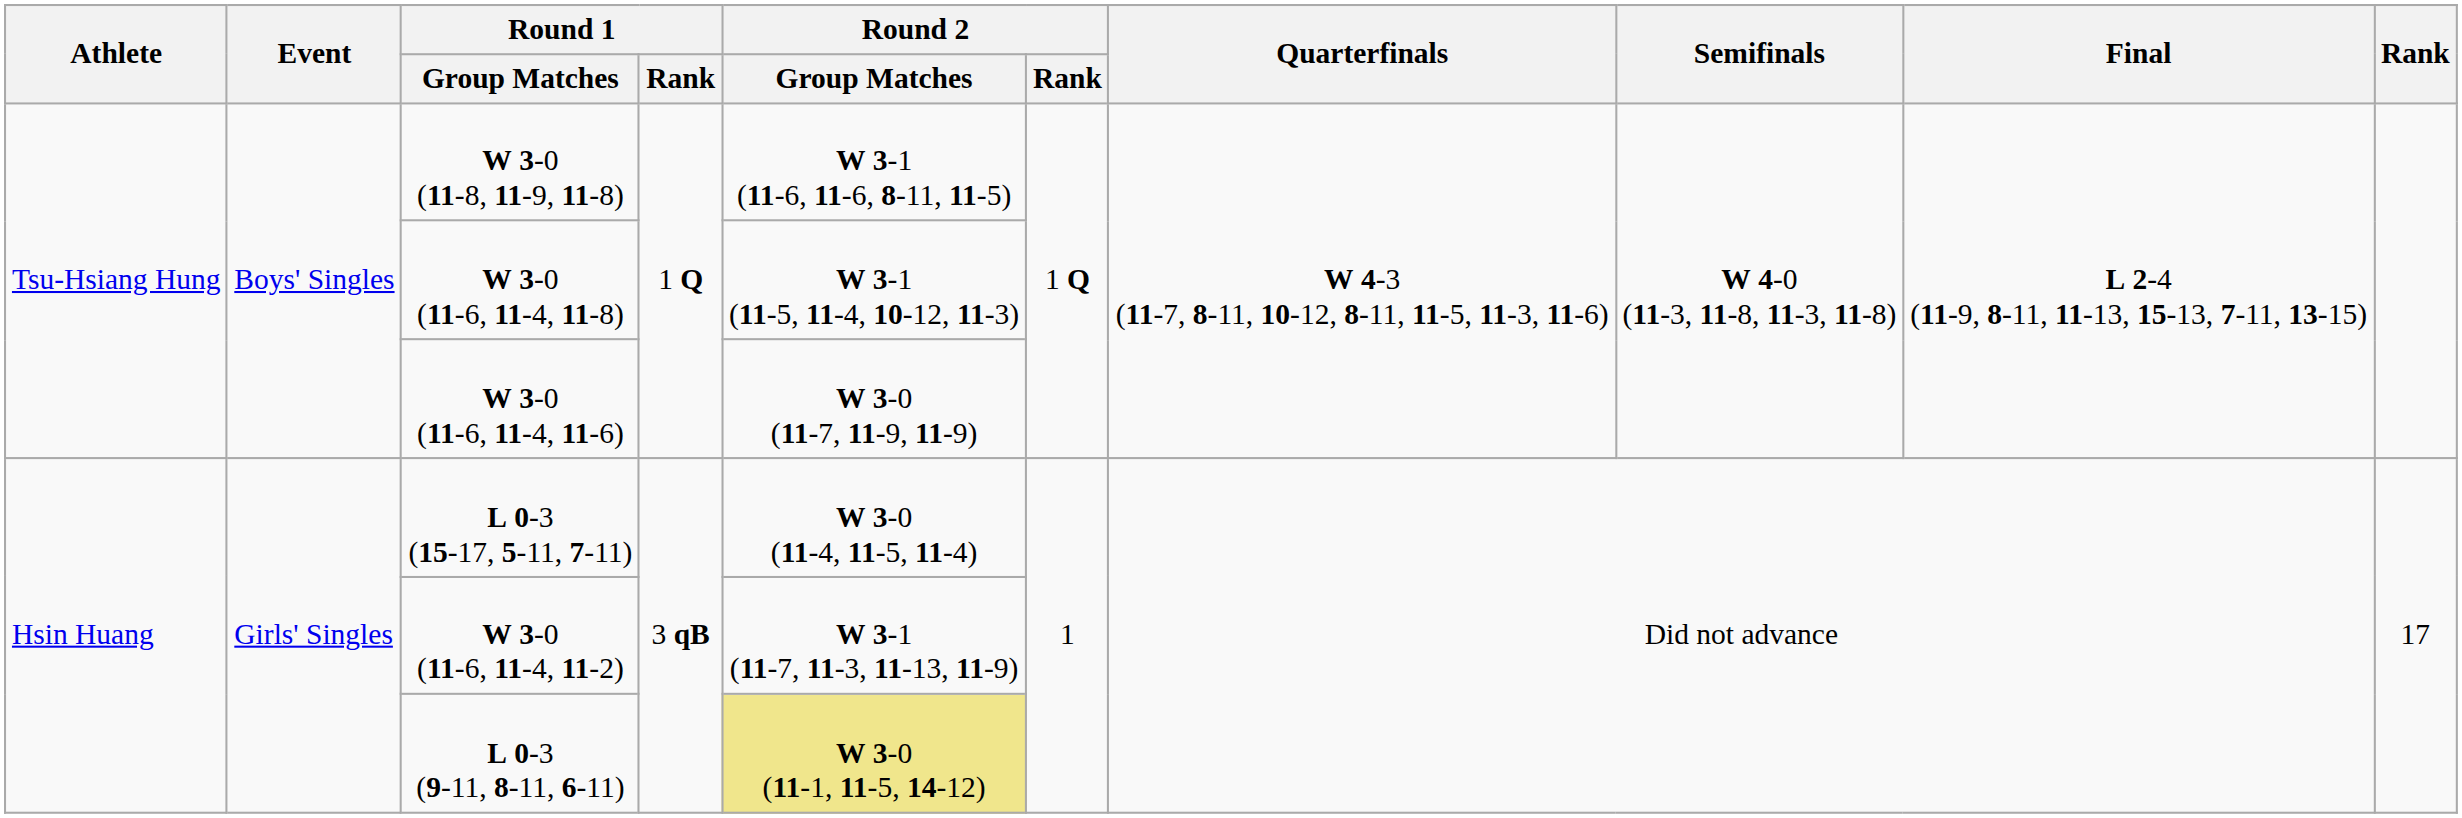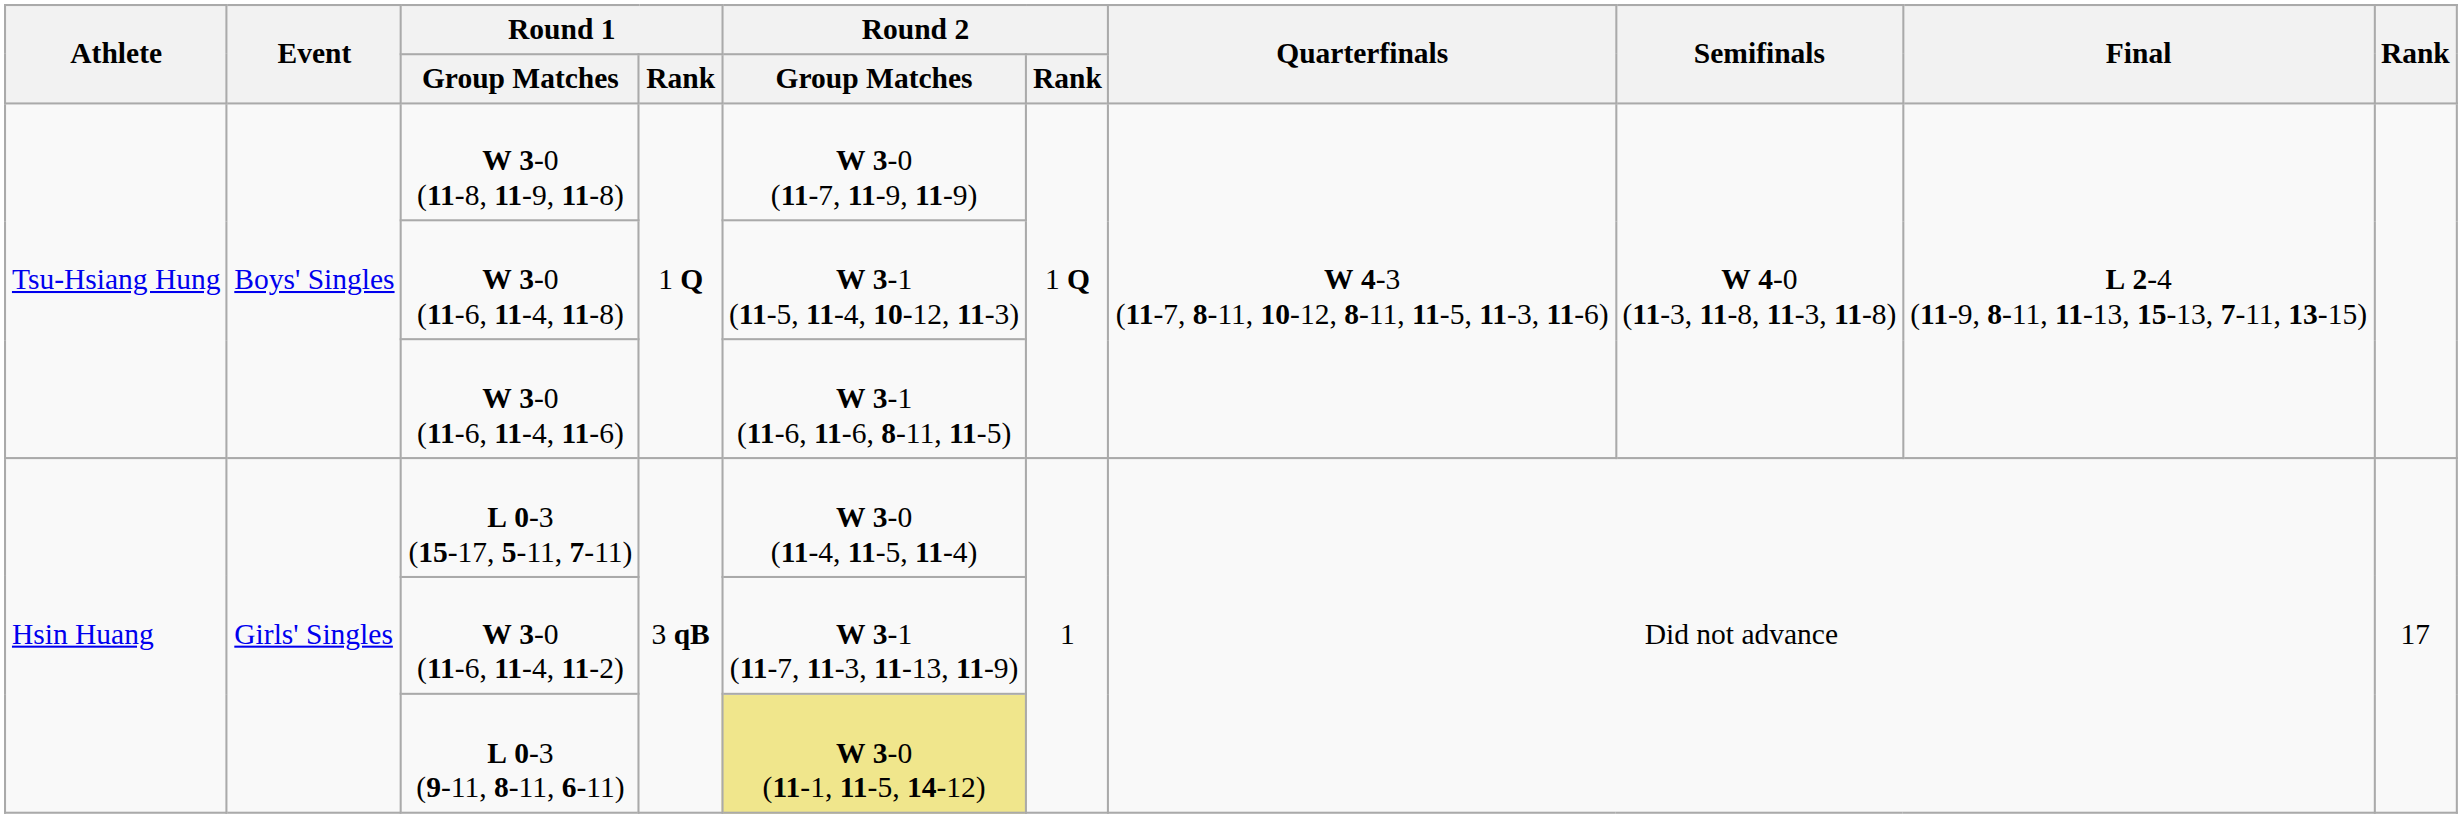 <table class="wikitable" border="1" style="font-size:90%">
 <tr>
 <th rowspan=2>Athlete</th>
 <th rowspan=2>Event</th>
 <th colspan=2>Round 1</th>
 <th colspan=2>Round 2</th>
 <th rowspan=2>Quarterfinals</th>
 <th rowspan=2>Semifinals</th>
 <th rowspan=2>Final</th>
 <th rowspan=2>Rank</th>
 </tr>
 <tr>
 <th>Group Matches</th>
 <th>Rank</th>
 <th>Group Matches</th>
 <th>Rank</th>
 </tr>
 <tr>
 <td rowspan=3><a href='#'>Tsu-Hsiang Hung</a></td>
 <td rowspan=3><a href='#'>Boys' Singles</a></td>
 <td align=center> <br> <strong>W</strong> <strong>3</strong>-0 <br> (<strong>11</strong>-8, <strong>11</strong>-9, <strong>11</strong>-8)</td>
 <td rowspan=3 align=center>1 <strong>Q</strong></td>
-<td align=center> <br> <strong>W</strong> <strong>3</strong>-1 <br> (<strong>11</strong>-6, <strong>11</strong>-6, <strong>8</strong>-11, <strong>11</strong>-5)</td>
+<td align=center> <br> <strong>W</strong> <strong>3</strong>-0 <br> (<strong>11</strong>-7, <strong>11</strong>-9, <strong>11</strong>-9)</td>
 <td rowspan=3 align=center>1 <strong>Q</strong></td>
 <td rowspan=3 align=center> <br> <strong>W</strong> <strong>4</strong>-3 <br> (<strong>11</strong>-7, <strong>8</strong>-11, <strong>10</strong>-12, <strong>8</strong>-11, <strong>11</strong>-5, <strong>11</strong>-3, <strong>11</strong>-6)</td>
 <td rowspan=3 align=center> <br> <strong>W</strong> <strong>4</strong>-0 <br> (<strong>11</strong>-3, <strong>11</strong>-8, <strong>11</strong>-3, <strong>11</strong>-8)</td>
 <td rowspan=3 align=center> <br> <strong>L</strong> <strong>2</strong>-4 <br> (<strong>11</strong>-9, <strong>8</strong>-11, <strong>11</strong>-13, <strong>15</strong>-13, <strong>7</strong>-11, <strong>13</strong>-15)</td>
 <td rowspan=3 align=center></td>
 </tr>
 <tr>
 <td align=center> <br> <strong>W</strong> <strong>3</strong>-0 <br> (<strong>11</strong>-6, <strong>11</strong>-4, <strong>11</strong>-8)</td>
 <td align=center> <br> <strong>W</strong> <strong>3</strong>-1 <br> (<strong>11</strong>-5, <strong>11</strong>-4, <strong>10</strong>-12, <strong>11</strong>-3)</td>
 </tr>
 <tr>
 <td align=center> <br> <strong>W</strong> <strong>3</strong>-0 <br> (<strong>11</strong>-6, <strong>11</strong>-4, <strong>11</strong>-6)</td>
-<td align=center> <br> <strong>W</strong> <strong>3</strong>-0 <br> (<strong>11</strong>-7, <strong>11</strong>-9, <strong>11</strong>-9)</td>
+<td align=center> <br> <strong>W</strong> <strong>3</strong>-1 <br> (<strong>11</strong>-6, <strong>11</strong>-6, <strong>8</strong>-11, <strong>11</strong>-5)</td>
 </tr>
 <tr>
 <td rowspan=3><a href='#'>Hsin Huang</a></td>
 <td rowspan=3><a href='#'>Girls' Singles</a></td>
 <td align=center> <br> <strong>L</strong> <strong>0</strong>-3 <br> (<strong>15</strong>-17, <strong>5</strong>-11, <strong>7</strong>-11)</td>
 <td rowspan=3 align=center>3 <strong>qB</strong></td>
 <td align=center> <br> <strong>W</strong> <strong>3</strong>-0 <br> (<strong>11</strong>-4, <strong>11</strong>-5, <strong>11</strong>-4)</td>
 <td rowspan=3 align=center>1</td>
 <td rowspan=3 colspan=3 align=center>Did not advance</td>
 <td rowspan=3 align=center>17</td>
 </tr>
 <tr>
 <td align=center> <br> <strong>W</strong> <strong>3</strong>-0 <br> (<strong>11</strong>-6, <strong>11</strong>-4, <strong>11</strong>-2)</td>
 <td align=center> <br> <strong>W</strong> <strong>3</strong>-1 <br> (<strong>11</strong>-7, <strong>11</strong>-3, <strong>11</strong>-13, <strong>11</strong>-9)</td>
 </tr>
 <tr>
 <td align=center> <br> <strong>L</strong> <strong>0</strong>-3 <br> (<strong>9</strong>-11, <strong>8</strong>-11, <strong>6</strong>-11)</td>
 <td align=center style="background: khaki;"> <br> <strong>W</strong> <strong>3</strong>-0 <br> (<strong>11</strong>-1, <strong>11</strong>-5, <strong>14</strong>-12)</td>
 </tr>
 </table>
